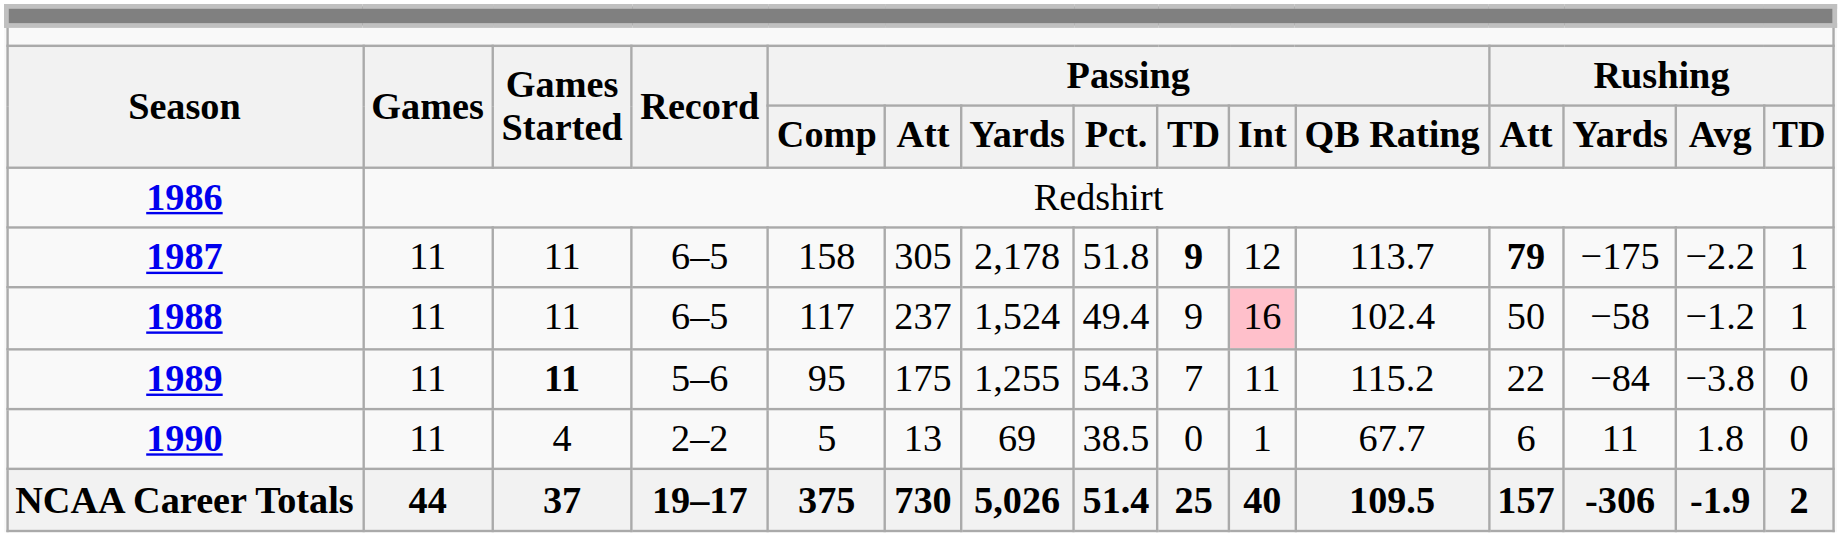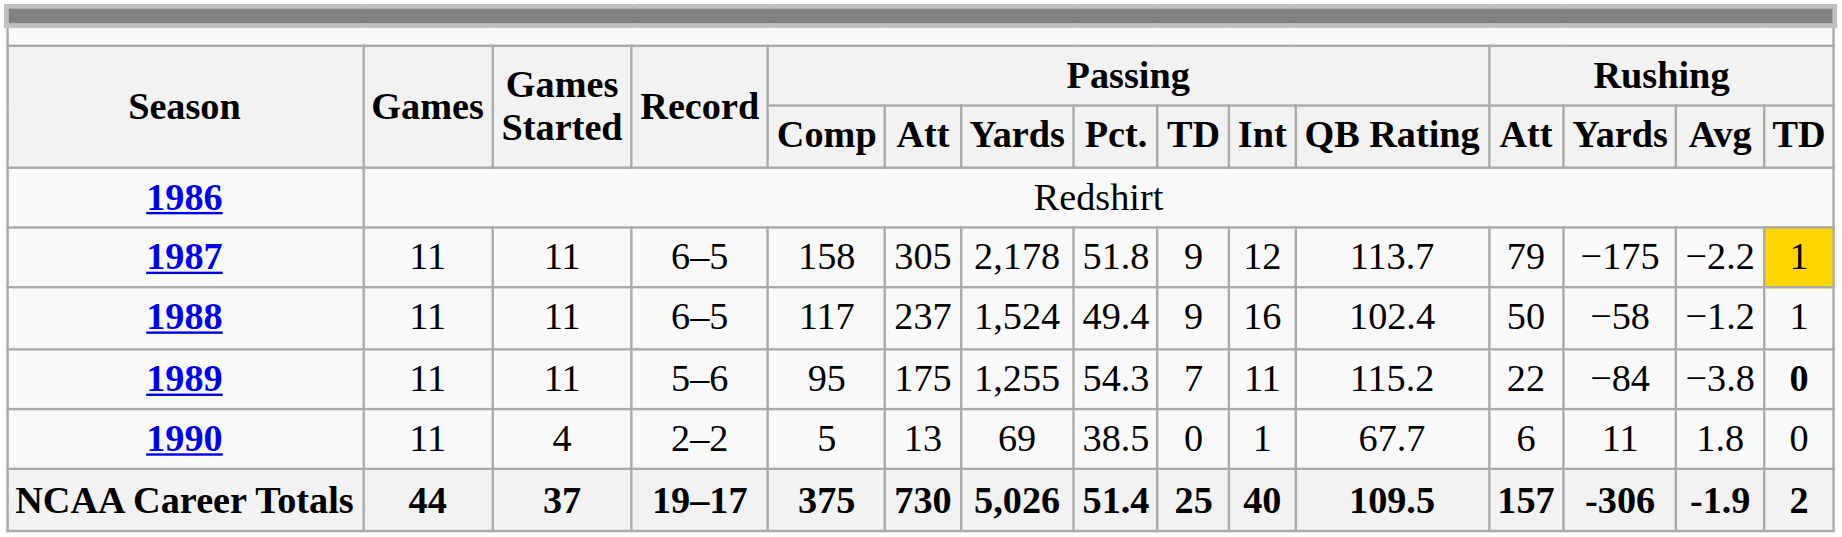 <table class=wikitable style="text-align:center;">
 <tr>
 <td ! colspan="15" style="background:gray; border:2px solid silver; color:white;"></td>
 </tr>
 <tr>
 <td ! colspan="15"></td>
 </tr>
 <tr>
 <th rowspan=2>Season</th>
 <th rowspan=2>Games</th>
 <th rowspan=2>Games<br>Started</th>
 <th rowspan=2>Record</th>
 <th colspan=7>Passing</th>
 <th colspan=4>Rushing</th>
 </tr>
 <tr>
 <th>Comp</th>
 <th>Att</th>
 <th>Yards</th>
 <th>Pct.</th>
 <th>TD</th>
 <th>Int</th>
 <th>QB Rating</th>
 <th>Att</th>
 <th>Yards</th>
 <th>Avg</th>
 <th>TD</th>
 </tr>
 <tr>
 <td><strong><a href='#'>1986</a></strong></td>
 <td colspan=14 style="text-align:center;">Redshirt</td>
 </tr>
 <tr>
 <td><strong><a href='#'>1987</a></strong></td>
 <td>11</td>
 <td>11</td>
 <td>6–5</td>
 <td>158</td>
 <td>305</td>
 <td>2,178</td>
 <td>51.8</td>
-<td><strong>9</strong></td>
+<td>9</td>
 <td>12</td>
 <td>113.7</td>
-<td><strong>79</strong></td>
+<td>79</td>
 <td>−175</td>
 <td>−2.2</td>
-<td>1</td>
+<td style="background: gold;">1</td>
 </tr>
 <tr>
 <td><strong><a href='#'>1988</a></strong></td>
 <td>11</td>
 <td>11</td>
 <td>6–5</td>
 <td>117</td>
 <td>237</td>
 <td>1,524</td>
 <td>49.4</td>
 <td>9</td>
-<td style="background: pink;">16</td>
+<td>16</td>
 <td>102.4</td>
 <td>50</td>
 <td>−58</td>
 <td>−1.2</td>
 <td>1</td>
 </tr>
 <tr>
 <td><strong><a href='#'>1989</a></strong></td>
 <td>11</td>
-<td><strong>11</strong></td>
+<td>11</td>
 <td>5–6</td>
 <td>95</td>
 <td>175</td>
 <td>1,255</td>
 <td>54.3</td>
 <td>7</td>
 <td>11</td>
 <td>115.2</td>
 <td>22</td>
 <td>−84</td>
 <td>−3.8</td>
-<td>0</td>
+<td><strong>0</strong></td>
 </tr>
 <tr>
 <td><strong><a href='#'>1990</a></strong></td>
 <td>11</td>
 <td>4</td>
 <td>2–2</td>
 <td>5</td>
 <td>13</td>
 <td>69</td>
 <td>38.5</td>
 <td>0</td>
 <td>1</td>
 <td>67.7</td>
 <td>6</td>
 <td>11</td>
 <td>1.8</td>
 <td>0</td>
 </tr>
 <tr>
 <th>NCAA Career Totals</th>
 <th>44</th>
 <th>37</th>
 <th>19–17</th>
 <th>375</th>
 <th>730</th>
 <th>5,026</th>
 <th>51.4</th>
 <th>25</th>
 <th>40</th>
 <th>109.5</th>
 <th>157</th>
 <th>-306</th>
 <th>-1.9</th>
 <th>2</th>
 </tr>
 </table>
